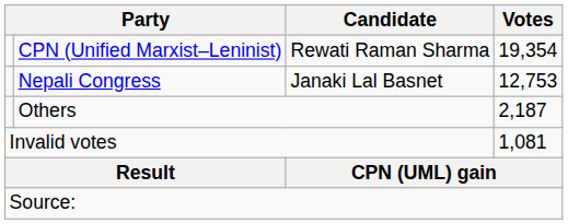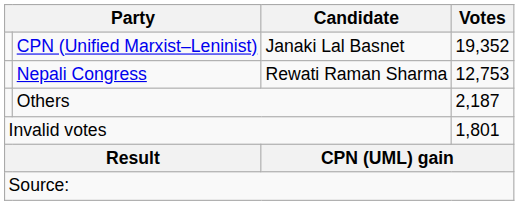 <table class="wikitable">
 <tr>
 <th colspan="2">Party</th>
 <th>Candidate</th>
 <th>Votes</th>
 </tr>
 <tr>
 <td style="background-color:"></td>
 <td><a href='#'>CPN (Unified Marxist–Leninist)</a></td>
-<td>Rewati Raman Sharma</td>
-<td>19,354</td>
+<td>Janaki Lal Basnet</td>
+<td>19,352</td>
 </tr>
 <tr>
 <td style="background-color:"></td>
 <td><a href='#'>Nepali Congress</a></td>
-<td>Janaki Lal Basnet</td>
+<td>Rewati Raman Sharma</td>
 <td>12,753</td>
 </tr>
 <tr>
 <td></td>
 <td colspan="2">Others</td>
 <td>2,187</td>
 </tr>
 <tr>
 <td colspan="3">Invalid votes</td>
-<td>1,081</td>
+<td>1,801</td>
 </tr>
 <tr>
 <th colspan="2">Result</th>
 <th colspan="2">CPN (UML) gain</th>
 </tr>
 <tr>
 <td colspan="4">Source: </td>
 </tr>
 </table>
